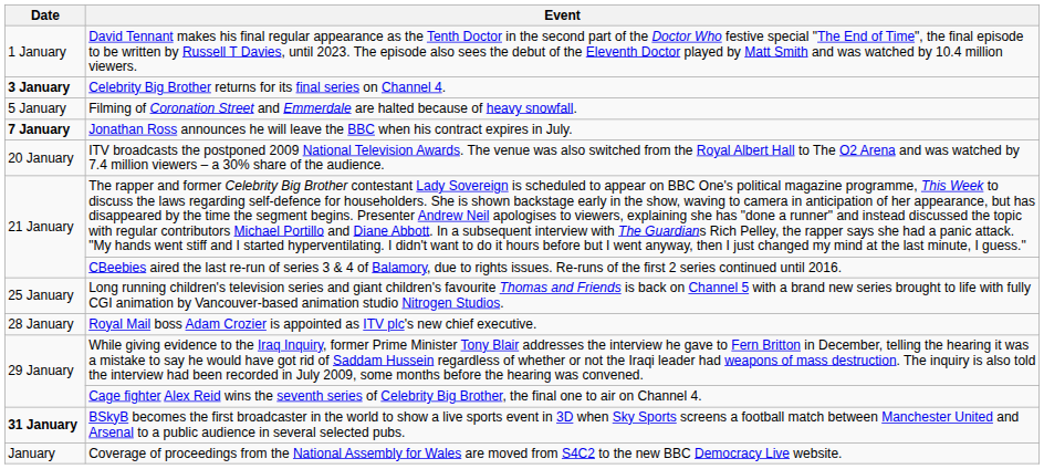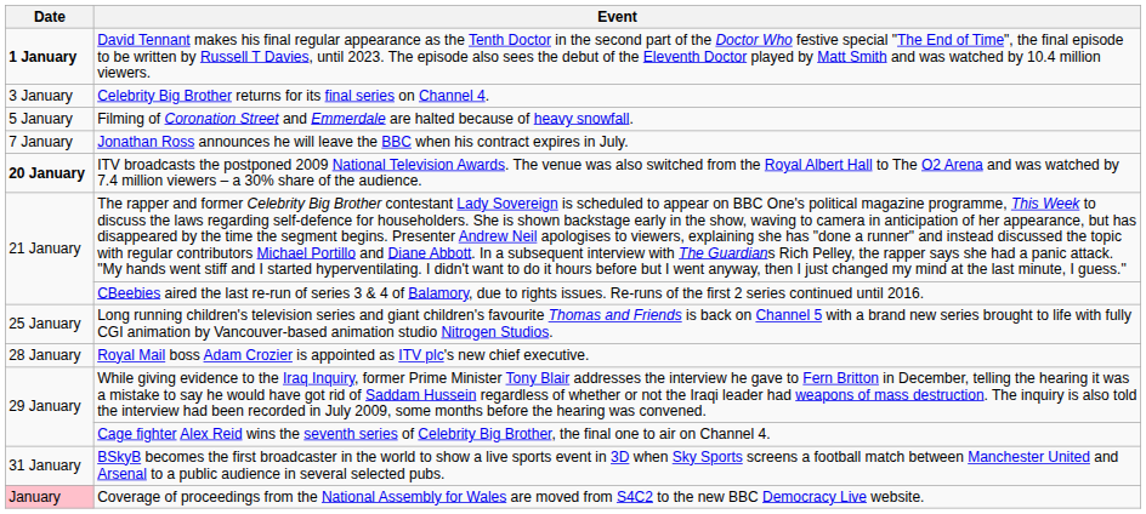 <table class="wikitable">
 <tr>
 <th width=90>Date</th>
 <th>Event</th>
 </tr>
 <tr>
-<td>1 January</td>
+<td><strong>1 January</strong></td>
 <td><a href='#'>David Tennant</a> makes his final regular appearance as the <a href='#'>Tenth Doctor</a> in the second part of the <em><a href='#'>Doctor Who</a></em> festive special "<a href='#'>The End of Time</a>", the final episode to be written by <a href='#'>Russell T Davies</a>, until 2023. The episode also sees the debut of the <a href='#'>Eleventh Doctor</a> played by <a href='#'>Matt Smith</a> and was watched by 10.4 million viewers.</td>
 </tr>
 <tr>
-<td><strong>3 January</strong></td>
+<td>3 January</td>
 <td><a href='#'>Celebrity Big Brother</a> returns for its <a href='#'>final series</a> on <a href='#'>Channel 4</a>.</td>
 </tr>
 <tr>
 <td>5 January</td>
 <td>Filming of <em><a href='#'>Coronation Street</a></em> and <em><a href='#'>Emmerdale</a></em> are halted because of <a href='#'>heavy snowfall</a>.</td>
 </tr>
 <tr>
-<td><strong>7 January</strong></td>
+<td>7 January</td>
 <td><a href='#'>Jonathan Ross</a> announces he will leave the <a href='#'>BBC</a> when his contract expires in July.</td>
 </tr>
 <tr>
-<td>20 January</td>
+<td><strong>20 January</strong></td>
 <td>ITV broadcasts the postponed 2009 <a href='#'>National Television Awards</a>. The venue was also switched from the <a href='#'>Royal Albert Hall</a> to The <a href='#'>O2 Arena</a> and was watched by 7.4 million viewers – a 30% share of the audience.</td>
 </tr>
 <tr>
 <td rowspan=2>21 January</td>
 <td>The rapper and former <em>Celebrity Big Brother</em> contestant <a href='#'>Lady Sovereign</a> is scheduled to appear on BBC One's political magazine programme, <em><a href='#'>This Week</a></em> to discuss the laws regarding self-defence for householders. She is shown backstage early in the show, waving to camera in anticipation of her appearance, but has disappeared by the time the segment begins. Presenter <a href='#'>Andrew Neil</a> apologises to viewers, explaining she has "done a runner" and instead discussed the topic with regular contributors <a href='#'>Michael Portillo</a> and <a href='#'>Diane Abbott</a>. In a subsequent interview with <em><a href='#'>The Guardian</a></em>s Rich Pelley, the rapper says she had a panic attack. "My hands went stiff and I started hyperventilating. I didn't want to do it hours before but I went anyway, then I just changed my mind at the last minute, I guess."</td>
 </tr>
 <tr>
 <td><a href='#'>CBeebies</a> aired the last re-run of series 3 & 4 of <a href='#'>Balamory</a>, due to rights issues. Re-runs of the first 2 series continued until 2016.</td>
 </tr>
 <tr>
 <td>25 January</td>
 <td>Long running children's television series and giant children's favourite <em><a href='#'>Thomas and Friends</a></em> is back on <a href='#'>Channel 5</a> with a brand new series brought to life with fully CGI animation by Vancouver-based animation studio <a href='#'>Nitrogen Studios</a>.</td>
 </tr>
 <tr>
 <td>28 January</td>
 <td><a href='#'>Royal Mail</a> boss <a href='#'>Adam Crozier</a> is appointed as <a href='#'>ITV plc</a>'s new chief executive.</td>
 </tr>
 <tr>
 <td rowspan=2>29 January</td>
 <td>While giving evidence to the <a href='#'>Iraq Inquiry</a>, former Prime Minister <a href='#'>Tony Blair</a> addresses the interview he gave to <a href='#'>Fern Britton</a> in December, telling the hearing it was a mistake to say he would have got rid of <a href='#'>Saddam Hussein</a> regardless of whether or not the Iraqi leader had <a href='#'>weapons of mass destruction</a>. The inquiry is also told the interview had been recorded in July 2009, some months before the hearing was convened.</td>
 </tr>
 <tr>
 <td><a href='#'>Cage fighter</a> <a href='#'>Alex Reid</a> wins the <a href='#'>seventh series</a> of <a href='#'>Celebrity Big Brother</a>, the final one to air on Channel 4.</td>
 </tr>
 <tr>
-<td><strong>31 January</strong></td>
+<td>31 January</td>
 <td><a href='#'>BSkyB</a> becomes the first broadcaster in the world to show a live sports event in <a href='#'>3D</a> when <a href='#'>Sky Sports</a> screens a football match between <a href='#'>Manchester United</a> and <a href='#'>Arsenal</a> to a public audience in several selected pubs.</td>
 </tr>
 <tr>
-<td>January</td>
+<td style="background: pink;">January</td>
 <td>Coverage of proceedings from the <a href='#'>National Assembly for Wales</a> are moved from <a href='#'>S4C2</a> to the new BBC <a href='#'>Democracy Live</a> website.</td>
 </tr>
 </table>
